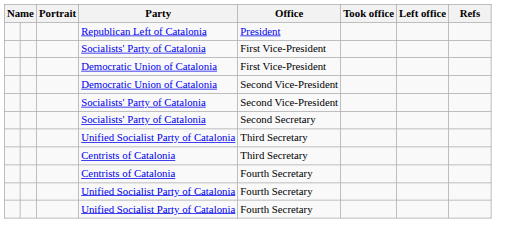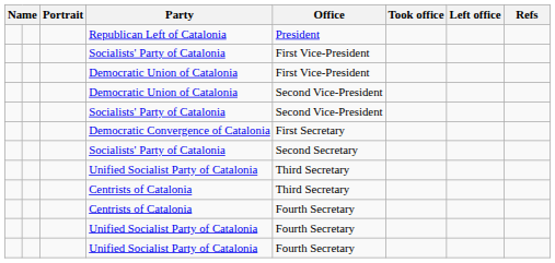 <table class="wikitable plainrowheaders sortable mw-collapsible mw-collapsed" style="font-size:90%; text-align:left;">
 <tr>
 <th scope=col colspan="2">Name</th>
 <th scope=col class=unsortable>Portrait</th>
 <th scope=col>Party</th>
 <th scope=col>Office</th>
 <th scope=col>Took office</th>
 <th scope=col>Left office</th>
 <th scope=col width=50px class=unsortable>Refs</th>
 </tr>
 <tr>
 <td !align="center" style="background:"></td>
 <td></td>
 <td align=center></td>
 <td><a href='#'>Republican Left of Catalonia</a></td>
 <td><a href='#'>President</a></td>
 <td align=center></td>
 <td align=center></td>
 <td align=center></td>
 </tr>
 <tr>
 <td !align="center" style="background:"></td>
 <td></td>
 <td align=center></td>
 <td><a href='#'>Socialists' Party of Catalonia</a></td>
 <td>First Vice-President</td>
 <td align=center></td>
 <td align=center></td>
 <td align=center></td>
 </tr>
 <tr>
 <td !align="center" style="background:"></td>
 <td></td>
 <td align=center></td>
 <td><a href='#'>Democratic Union of Catalonia</a></td>
 <td>First Vice-President</td>
 <td align=center></td>
 <td align=center></td>
 <td align=center></td>
 </tr>
 <tr>
 <td !align="center" style="background:"></td>
 <td></td>
 <td align=center></td>
 <td><a href='#'>Democratic Union of Catalonia</a></td>
 <td>Second Vice-President</td>
 <td align=center></td>
 <td align=center></td>
 <td align=center></td>
 </tr>
 <tr>
 <td !align="center" style="background:"></td>
 <td></td>
 <td align=center></td>
 <td><a href='#'>Socialists' Party of Catalonia</a></td>
 <td>Second Vice-President</td>
+<td align=center></td>
+<td align=center></td>
+<td align=center></td>
+</tr>
+<tr>
+<td !align="center" style="background:"></td>
+<td></td>
+<td align=center></td>
+<td><a href='#'>Democratic Convergence of Catalonia</a></td>
+<td>First Secretary</td>
 <td align=center></td>
 <td align=center></td>
 <td align=center></td>
 </tr>
 <tr>
 <td !align="center" style="background:"></td>
 <td></td>
 <td align=center></td>
 <td><a href='#'>Socialists' Party of Catalonia</a></td>
 <td>Second Secretary</td>
 <td align=center></td>
 <td align=center></td>
 <td align=center></td>
 </tr>
 <tr>
 <td !align="center" style="background:"></td>
 <td></td>
 <td align=center></td>
 <td><a href='#'>Unified Socialist Party of Catalonia</a></td>
 <td>Third Secretary</td>
 <td align=center></td>
 <td align=center></td>
 <td align=center></td>
 </tr>
 <tr>
 <td !align="center" style="background:"></td>
 <td></td>
 <td align=center></td>
 <td><a href='#'>Centrists of Catalonia</a></td>
 <td>Third Secretary</td>
 <td align=center></td>
 <td align=center></td>
 <td align=center></td>
 </tr>
 <tr>
 <td !align="center" style="background:"></td>
 <td></td>
 <td align=center></td>
 <td><a href='#'>Centrists of Catalonia</a></td>
 <td>Fourth Secretary</td>
 <td align=center></td>
 <td align=center></td>
 <td align=center></td>
 </tr>
 <tr>
 <td !align="center" style="background:"></td>
 <td></td>
 <td align=center></td>
 <td><a href='#'>Unified Socialist Party of Catalonia</a></td>
 <td>Fourth Secretary</td>
 <td align=center></td>
 <td align=center></td>
 <td align=center></td>
 </tr>
 <tr>
 <td !align="center" style="background:"></td>
 <td></td>
 <td align=center></td>
 <td><a href='#'>Unified Socialist Party of Catalonia</a></td>
 <td>Fourth Secretary</td>
 <td align=center></td>
 <td align=center></td>
 <td align=center></td>
 </tr>
 </table>
